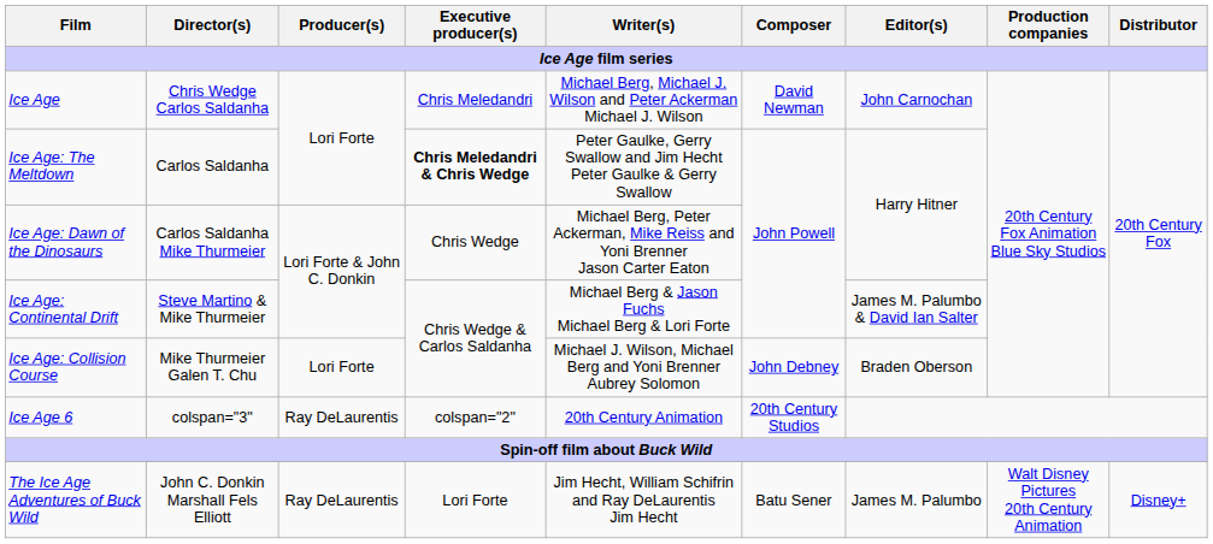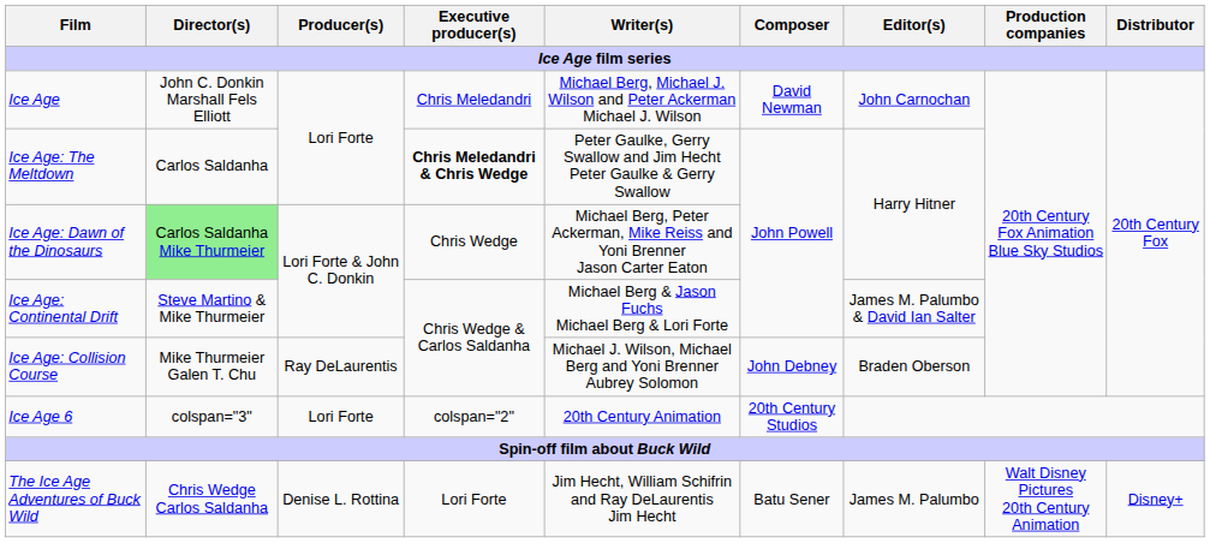 <table class="wikitable" style="width:100%; text-align:center;">
 <tr>
 <th>Film</th>
 <th>Director(s)</th>
 <th>Producer(s)</th>
 <th>Executive producer(s)</th>
 <th>Writer(s)</th>
 <th>Composer</th>
 <th>Editor(s)</th>
 <th>Production companies</th>
 <th>Distributor</th>
 </tr>
 <tr class="sortbottom">
 <th scope="col" colspan="10" style="background-color: #ccccff;"><em>Ice Age</em> film series</th>
 </tr>
 <tr>
 <td style="text-align:left;"><em><a href='#'>Ice Age</a></em></td>
-<td><a href='#'>Chris Wedge</a><br> <a href='#'>Carlos Saldanha</a></td>
+<td>John C. Donkin<br> Marshall Fels Elliott</td>
 <td rowspan="2">Lori Forte</td>
 <td><a href='#'>Chris Meledandri</a></td>
 <td> <a href='#'>Michael Berg</a>, <a href='#'>Michael J. Wilson</a> and <a href='#'>Peter Ackerman</a><br> Michael J. Wilson</td>
 <td><a href='#'>David Newman</a></td>
 <td><a href='#'>John Carnochan</a></td>
 <td rowspan="5"><a href='#'>20th Century Fox Animation</a><br><a href='#'>Blue Sky Studios</a></td>
 <td rowspan="5"><a href='#'>20th Century Fox</a></td>
 </tr>
 <tr>
 <td style="text-align:left;"><em><a href='#'>Ice Age: The Meltdown</a></em></td>
 <td>Carlos Saldanha</td>
 <td><strong>Chris Meledandri & Chris Wedge</strong></td>
 <td> Peter Gaulke, Gerry Swallow and Jim Hecht<br> Peter Gaulke & Gerry Swallow</td>
 <td rowspan="3"><a href='#'>John Powell</a></td>
 <td rowspan="2">Harry Hitner</td>
 </tr>
 <tr>
 <td style="text-align:left;"><em><a href='#'>Ice Age: Dawn of the Dinosaurs</a></em></td>
-<td>Carlos Saldanha<br> <a href='#'>Mike Thurmeier</a></td>
+<td style="background: lightgreen;">Carlos Saldanha<br> <a href='#'>Mike Thurmeier</a></td>
 <td rowspan="2">Lori Forte & John C. Donkin</td>
 <td>Chris Wedge</td>
 <td> Michael Berg, Peter Ackerman, <a href='#'>Mike Reiss</a> and Yoni Brenner<br> Jason Carter Eaton</td>
 </tr>
 <tr>
 <td style="text-align:left;"><em><a href='#'>Ice Age: Continental Drift</a></em></td>
 <td><a href='#'>Steve Martino</a> & Mike Thurmeier</td>
 <td rowspan="2">Chris Wedge & Carlos Saldanha</td>
 <td> Michael Berg & <a href='#'>Jason Fuchs</a><br> Michael Berg & Lori Forte</td>
 <td>James M. Palumbo & <a href='#'>David Ian Salter</a></td>
 </tr>
 <tr>
 <td style="text-align:left;"><em><a href='#'>Ice Age: Collision Course</a></em></td>
 <td>Mike Thurmeier<br> Galen T. Chu</td>
-<td>Lori Forte</td>
+<td> Ray DeLaurentis</td>
 <td> Michael J. Wilson, Michael Berg and Yoni Brenner<br> Aubrey Solomon</td>
 <td><a href='#'>John Debney</a></td>
 <td>Braden Oberson</td>
 </tr>
 <tr>
 <td style="text-align:left;"><em><a href='#'>Ice Age 6</a></em></td>
 <td>colspan="3" </td>
-<td> Ray DeLaurentis</td>
+<td>Lori Forte</td>
 <td>colspan="2" </td>
 <td><a href='#'>20th Century Animation</a></td>
 <td><a href='#'>20th Century Studios</a></td>
 </tr>
 <tr class="sortbottom">
 <th scope="col" colspan="10" style="background-color: #ccccff;">Spin-off film about <em>Buck Wild</em></th>
 </tr>
 <tr>
 <td style="text-align:left;"><em><a href='#'>The Ice Age Adventures of Buck Wild</a></em></td>
-<td>John C. Donkin<br> Marshall Fels Elliott</td>
-<td> Ray DeLaurentis</td>
+<td><a href='#'>Chris Wedge</a><br> <a href='#'>Carlos Saldanha</a></td>
+<td>Denise L. Rottina</td>
 <td>Lori Forte</td>
 <td> Jim Hecht, William Schifrin and Ray DeLaurentis<br> Jim Hecht</td>
 <td>Batu Sener</td>
 <td>James M. Palumbo</td>
 <td><a href='#'>Walt Disney Pictures</a><br><a href='#'>20th Century Animation</a></td>
 <td rowspan="2"><a href='#'>Disney+</a></td>
 </tr>
 </table>
